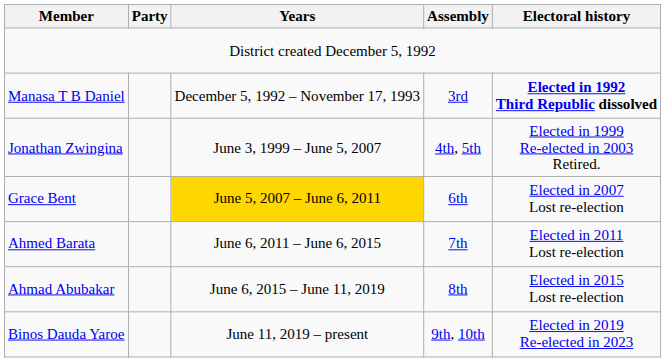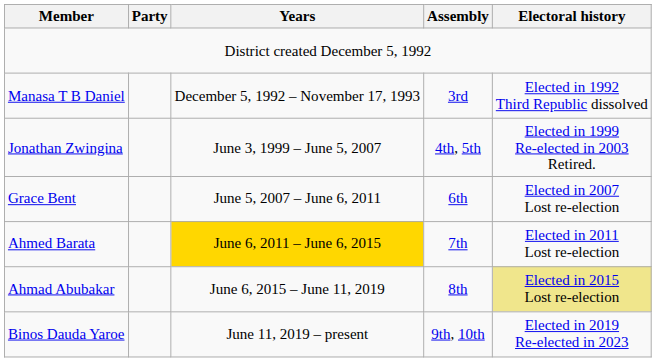 <table class="wikitable" style="text-align:center">
 <tr>
 <th>Member</th>
 <th>Party</th>
 <th>Years</th>
 <th>Assembly</th>
 <th>Electoral history</th>
 </tr>
 <tr style="height:3em">
 <td colspan="5">District created December 5, 1992</td>
 </tr>
 <tr style="height:3em">
 <td align="left"><a href='#'>Manasa T B Daniel</a></td>
 <td style="background:"></td>
 <td nowrap="">December 5, 1992 – November 17, 1993</td>
 <td><a href='#'>3rd</a></td>
-<td><strong><a href='#'>Elected in 1992</a><br><a href='#'>Third Republic</a> dissolved</strong></td>
+<td><a href='#'>Elected in 1992</a><br><a href='#'>Third Republic</a> dissolved</td>
 </tr>
 <tr style="height:3em">
 <td align="left"><a href='#'>Jonathan Zwingina</a></td>
 <td></td>
 <td nowrap="">June 3, 1999 – June 5, 2007</td>
 <td><a href='#'>4th</a>, <a href='#'>5th</a></td>
 <td><a href='#'>Elected in 1999</a><br><a href='#'>Re-elected in 2003</a><br>Retired.</td>
 </tr>
 <tr style="height:3em">
 <td align="left"><a href='#'>Grace Bent</a></td>
 <td></td>
-<td nowrap="" style="background: gold;">June 5, 2007 – June 6, 2011</td>
+<td nowrap="">June 5, 2007 – June 6, 2011</td>
 <td><a href='#'>6th</a></td>
 <td><a href='#'>Elected in 2007</a><br>Lost re-election</td>
 </tr>
 <tr style="height:3em">
 <td align="left"><a href='#'>Ahmed Barata</a></td>
 <td></td>
-<td nowrap="">June 6, 2011 – June 6, 2015</td>
+<td nowrap="" style="background: gold;">June 6, 2011 – June 6, 2015</td>
 <td><a href='#'>7th</a></td>
 <td><a href='#'>Elected in 2011</a><br>Lost re-election</td>
 </tr>
 <tr style="height:3em">
 <td align="left"><a href='#'>Ahmad Abubakar</a></td>
 <td></td>
 <td nowrap="">June 6, 2015 – June 11, 2019</td>
 <td><a href='#'>8th</a></td>
-<td><a href='#'>Elected in 2015</a><br>Lost re-election</td>
+<td style="background: khaki;"><a href='#'>Elected in 2015</a><br>Lost re-election</td>
 </tr>
 <tr style="height:3em">
 <td align="left"><a href='#'>Binos Dauda Yaroe</a></td>
 <td></td>
 <td nowrap="">June 11, 2019 – present</td>
 <td><a href='#'>9th</a>, <a href='#'>10th</a></td>
 <td><a href='#'>Elected in 2019</a><br><a href='#'>Re-elected in 2023</a></td>
 </tr>
 </table>
